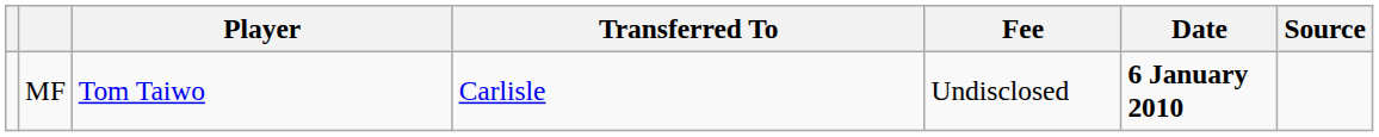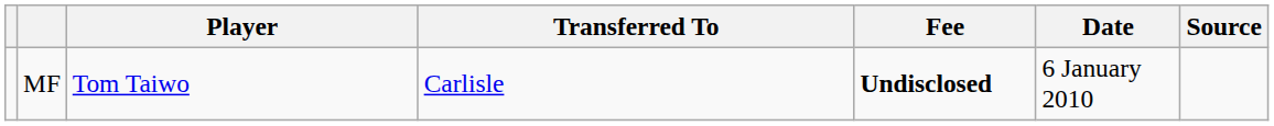 <table class="wikitable plainrowheaders sortable" style="font-size:95%">
 <tr>
 <th></th>
 <th></th>
 <th scope="col" style="width:200px;">Player</th>
 <th scope="col" style="width:250px;">Transferred To</th>
 <th scope="col" style="width:100px;">Fee</th>
 <th scope="col" style="width:78px;">Date</th>
 <th>Source</th>
 </tr>
 <tr>
 <td></td>
 <td>MF</td>
 <td> <a href='#'>Tom Taiwo</a></td>
 <td><a href='#'>Carlisle</a></td>
-<td>Undisclosed</td>
-<td><strong>6 January 2010</strong></td>
+<td><strong>Undisclosed</strong></td>
+<td>6 January 2010</td>
 </tr>
 </table>
